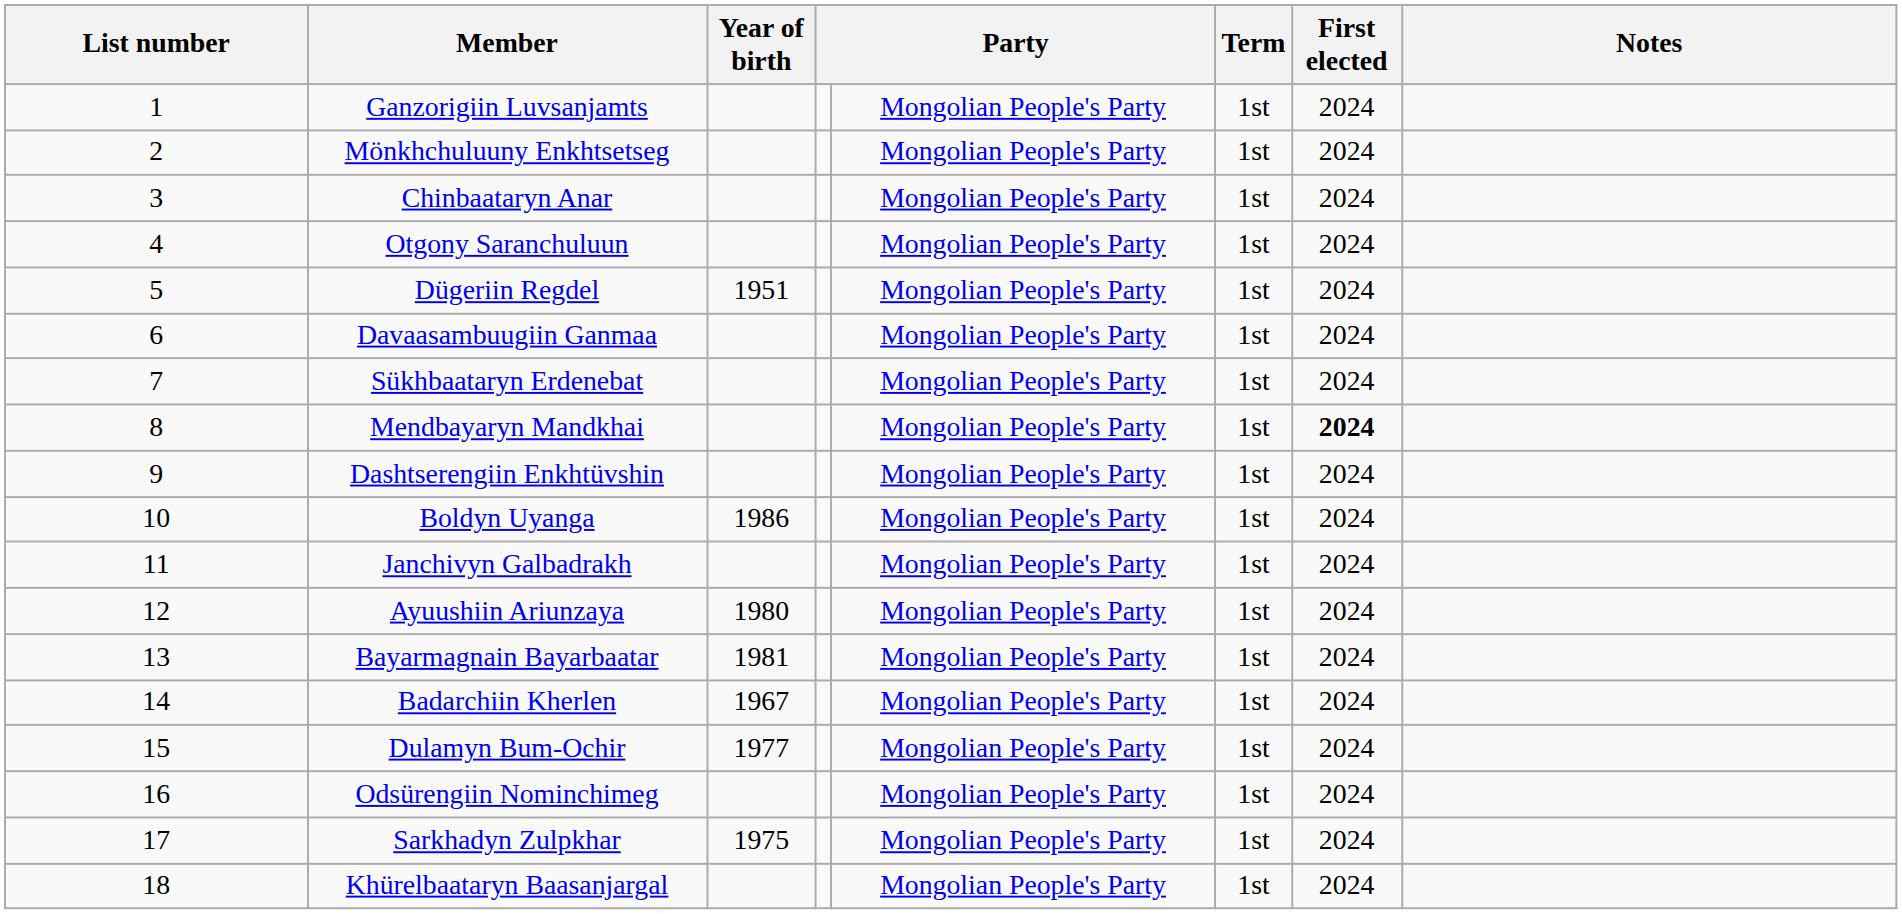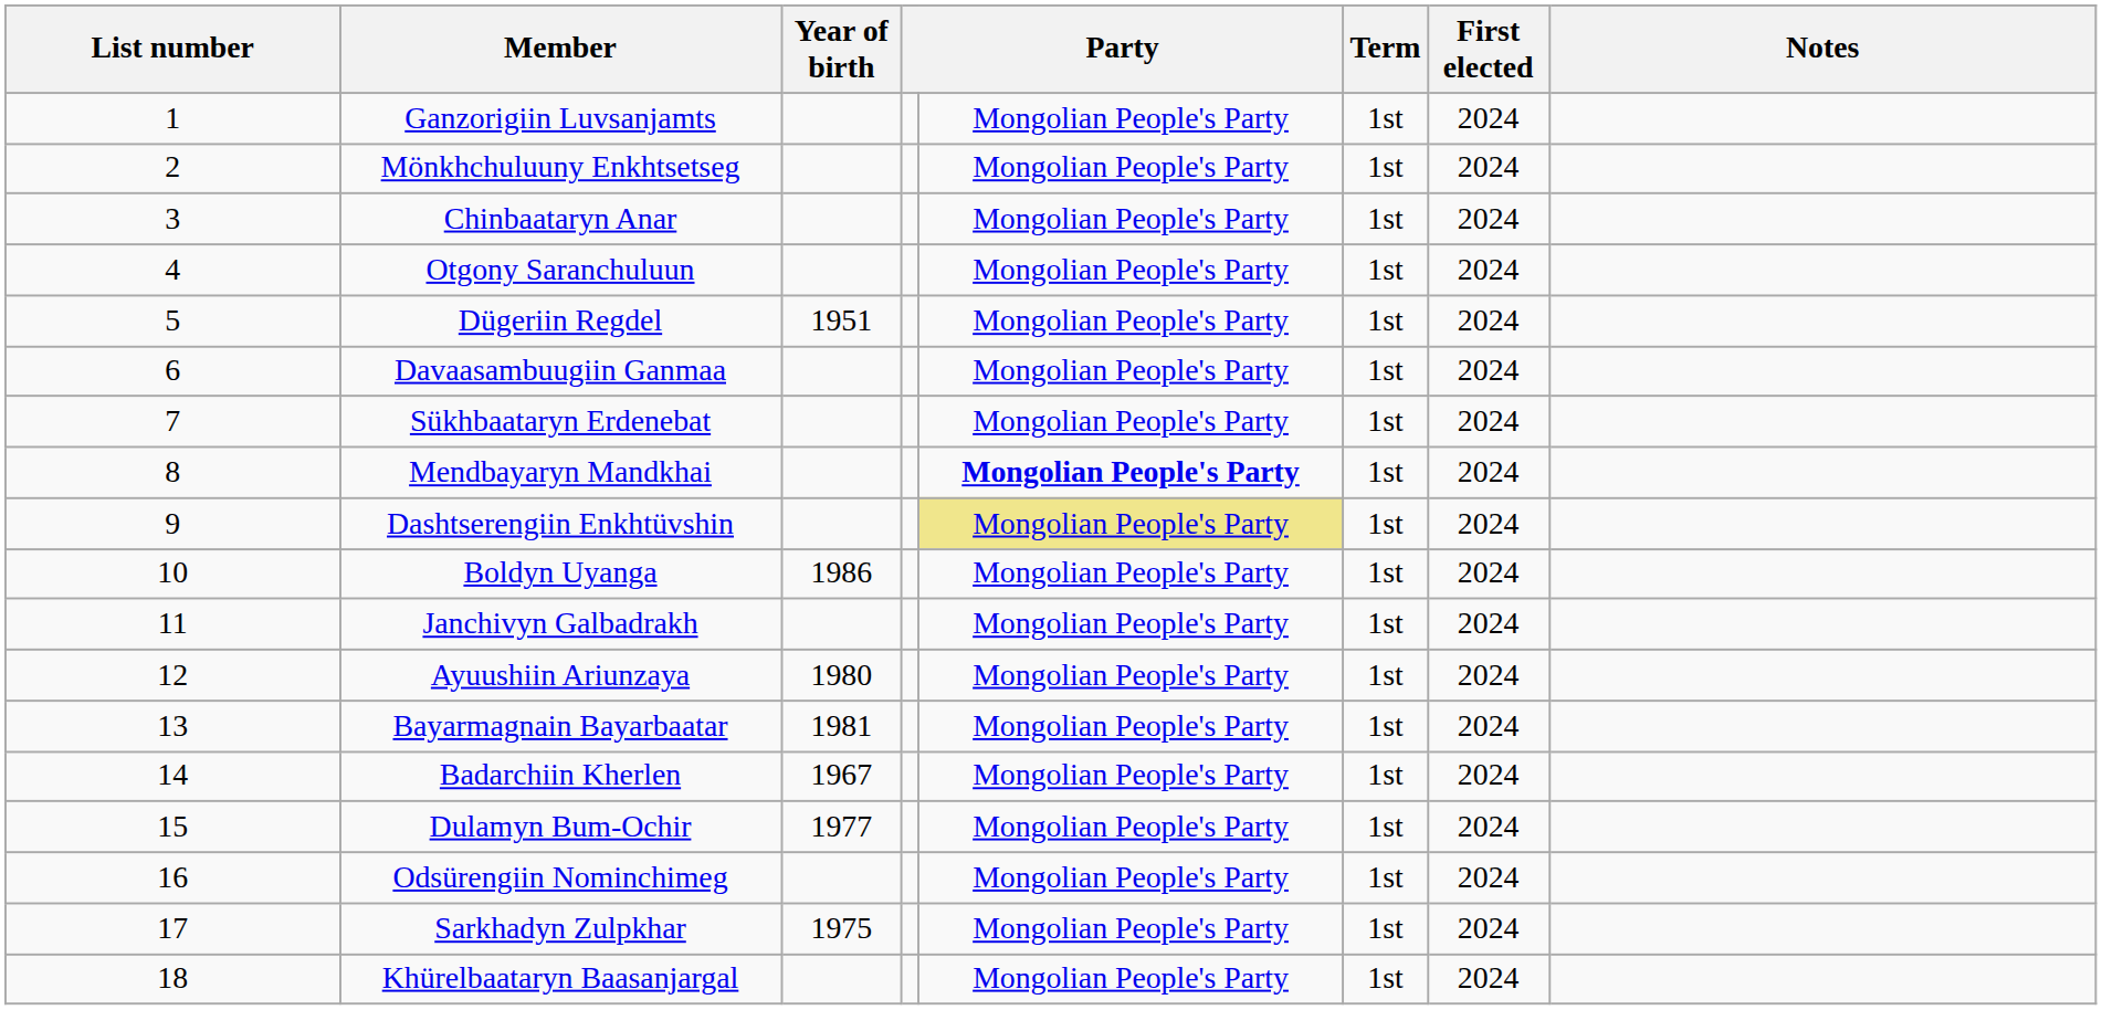 <table class="wikitable sortable" style="font-size:90%; text-align:center">
 <tr>
 <th scope="col" style="width:150px;">List number</th>
 <th scope="col" style="width:200px;">Member</th>
 <th scope="col" style="width:50px;">Year of birth</th>
 <th colspan="2" scope="col" style="width:200px;">Party</th>
 <th scope="col" style="width:20px;">Term</th>
 <th scope="col" style="width:50px;">First elected</th>
 <th scope="col" style="width:250px;" class="unsortable">Notes</th>
 </tr>
 <tr>
 <td>1</td>
 <td><a href='#'>Ganzorigiin Luvsanjamts</a></td>
 <td></td>
 <td scope="row" width="1" style="background-color:"></td>
 <td><a href='#'>Mongolian People's Party</a></td>
 <td>1st</td>
 <td>2024</td>
 <td></td>
 </tr>
 <tr>
 <td>2</td>
 <td><a href='#'>Mönkhchuluuny Enkhtsetseg</a></td>
 <td></td>
 <td scope="row" width="1" style="background-color:"></td>
 <td><a href='#'>Mongolian People's Party</a></td>
 <td>1st</td>
 <td>2024</td>
 <td></td>
 </tr>
 <tr>
 <td>3</td>
 <td><a href='#'>Chinbaataryn Anar</a></td>
 <td></td>
 <td scope="row" width="1" style="background-color:"></td>
 <td><a href='#'>Mongolian People's Party</a></td>
 <td>1st</td>
 <td>2024</td>
 <td></td>
 </tr>
 <tr>
 <td>4</td>
 <td><a href='#'>Otgony Saranchuluun</a></td>
 <td></td>
 <td scope="row" width="1" style="background-color:"></td>
 <td><a href='#'>Mongolian People's Party</a></td>
 <td>1st</td>
 <td>2024</td>
 <td></td>
 </tr>
 <tr>
 <td>5</td>
 <td><a href='#'>Dügeriin Regdel</a></td>
 <td>1951</td>
 <td scope="row" width="1" style="background-color:"></td>
 <td><a href='#'>Mongolian People's Party</a></td>
 <td>1st</td>
 <td>2024</td>
 <td></td>
 </tr>
 <tr>
 <td>6</td>
 <td><a href='#'>Davaasambuugiin Ganmaa</a></td>
 <td></td>
 <td scope="row" width="1" style="background-color:"></td>
 <td><a href='#'>Mongolian People's Party</a></td>
 <td>1st</td>
 <td>2024</td>
 <td></td>
 </tr>
 <tr>
 <td>7</td>
 <td><a href='#'>Sükhbaataryn Erdenebat</a></td>
 <td></td>
 <td scope="row" width="1" style="background-color:"></td>
 <td><a href='#'>Mongolian People's Party</a></td>
 <td>1st</td>
 <td>2024</td>
 <td></td>
 </tr>
 <tr>
 <td>8</td>
 <td><a href='#'>Mendbayaryn Mandkhai</a></td>
 <td></td>
 <td scope="row" width="1" style="background-color:"></td>
-<td><a href='#'>Mongolian People's Party</a></td>
+<td><strong><a href='#'>Mongolian People's Party</a></strong></td>
 <td>1st</td>
-<td><strong>2024</strong></td>
+<td>2024</td>
 <td></td>
 </tr>
 <tr>
 <td>9</td>
 <td><a href='#'>Dashtserengiin Enkhtüvshin</a></td>
 <td></td>
 <td scope="row" width="1" style="background-color:"></td>
-<td><a href='#'>Mongolian People's Party</a></td>
+<td style="background: khaki;"><a href='#'>Mongolian People's Party</a></td>
 <td>1st</td>
 <td>2024</td>
 <td></td>
 </tr>
 <tr>
 <td>10</td>
 <td><a href='#'>Boldyn Uyanga</a></td>
 <td>1986</td>
 <td scope="row" width="1" style="background-color:"></td>
 <td><a href='#'>Mongolian People's Party</a></td>
 <td>1st</td>
 <td>2024</td>
 <td></td>
 </tr>
 <tr>
 <td>11</td>
 <td><a href='#'>Janchivyn Galbadrakh</a></td>
 <td></td>
 <td scope="row" width="1" style="background-color:"></td>
 <td><a href='#'>Mongolian People's Party</a></td>
 <td>1st</td>
 <td>2024</td>
 <td></td>
 </tr>
 <tr>
 <td>12</td>
 <td><a href='#'>Ayuushiin Ariunzaya</a></td>
 <td>1980</td>
 <td scope="row" width="1" style="background-color:"></td>
 <td><a href='#'>Mongolian People's Party</a></td>
 <td>1st</td>
 <td>2024</td>
 <td></td>
 </tr>
 <tr>
 <td>13</td>
 <td><a href='#'>Bayarmagnain Bayarbaatar</a></td>
 <td>1981</td>
 <td scope="row" width="1" style="background-color:"></td>
 <td><a href='#'>Mongolian People's Party</a></td>
 <td>1st</td>
 <td>2024</td>
 <td></td>
 </tr>
 <tr>
 <td>14</td>
 <td><a href='#'>Badarchiin Kherlen</a></td>
 <td>1967</td>
 <td scope="row" width="1" style="background-color:"></td>
 <td><a href='#'>Mongolian People's Party</a></td>
 <td>1st</td>
 <td>2024</td>
 <td></td>
 </tr>
 <tr>
 <td>15</td>
 <td><a href='#'>Dulamyn Bum-Ochir</a></td>
 <td>1977</td>
 <td scope="row" width="1" style="background-color:"></td>
 <td><a href='#'>Mongolian People's Party</a></td>
 <td>1st</td>
 <td>2024</td>
 <td></td>
 </tr>
 <tr>
 <td>16</td>
 <td><a href='#'>Odsürengiin Nominchimeg</a></td>
 <td></td>
 <td scope="row" width="1" style="background-color:"></td>
 <td><a href='#'>Mongolian People's Party</a></td>
 <td>1st</td>
 <td>2024</td>
 <td></td>
 </tr>
 <tr>
 <td>17</td>
 <td><a href='#'>Sarkhadyn Zulpkhar</a></td>
 <td>1975</td>
 <td scope="row" width="1" style="background-color:"></td>
 <td><a href='#'>Mongolian People's Party</a></td>
 <td>1st</td>
 <td>2024</td>
 <td></td>
 </tr>
 <tr>
 <td>18</td>
 <td><a href='#'>Khürelbaataryn Baasanjargal</a></td>
 <td></td>
 <td scope="row" width="1" style="background-color:"></td>
 <td><a href='#'>Mongolian People's Party</a></td>
 <td>1st</td>
 <td>2024</td>
 <td></td>
 </tr>
 </table>
